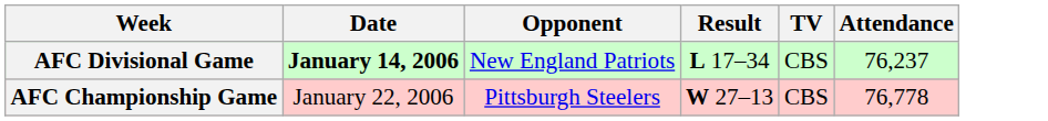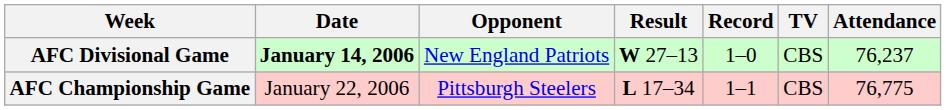 <table class="wikitable" style="text-align:center;">
 <tr>
 <th>Week</th>
 <th>Date</th>
 <th>Opponent</th>
 <th>Result</th>
+<th>Record</th>
 <th>TV</th>
 <th>Attendance</th>
 </tr>
 <tr style="background:#cfc">
 <th>AFC Divisional Game</th>
 <td><strong>January 14, 2006</strong></td>
 <td><a href='#'>New England Patriots</a></td>
-<td><strong>L</strong> 17–34</td>
+<td><strong>W</strong> 27–13</td>
+<td>1–0</td>
 <td>CBS</td>
 <td>76,237</td>
 </tr>
 <tr style="background:#fcc">
 <th>AFC Championship Game</th>
 <td>January 22, 2006</td>
 <td><a href='#'>Pittsburgh Steelers</a></td>
-<td><strong>W</strong> 27–13</td>
+<td><strong>L</strong> 17–34</td>
+<td>1–1</td>
 <td>CBS</td>
-<td>76,778</td>
+<td>76,775</td>
 </tr>
 </table>
